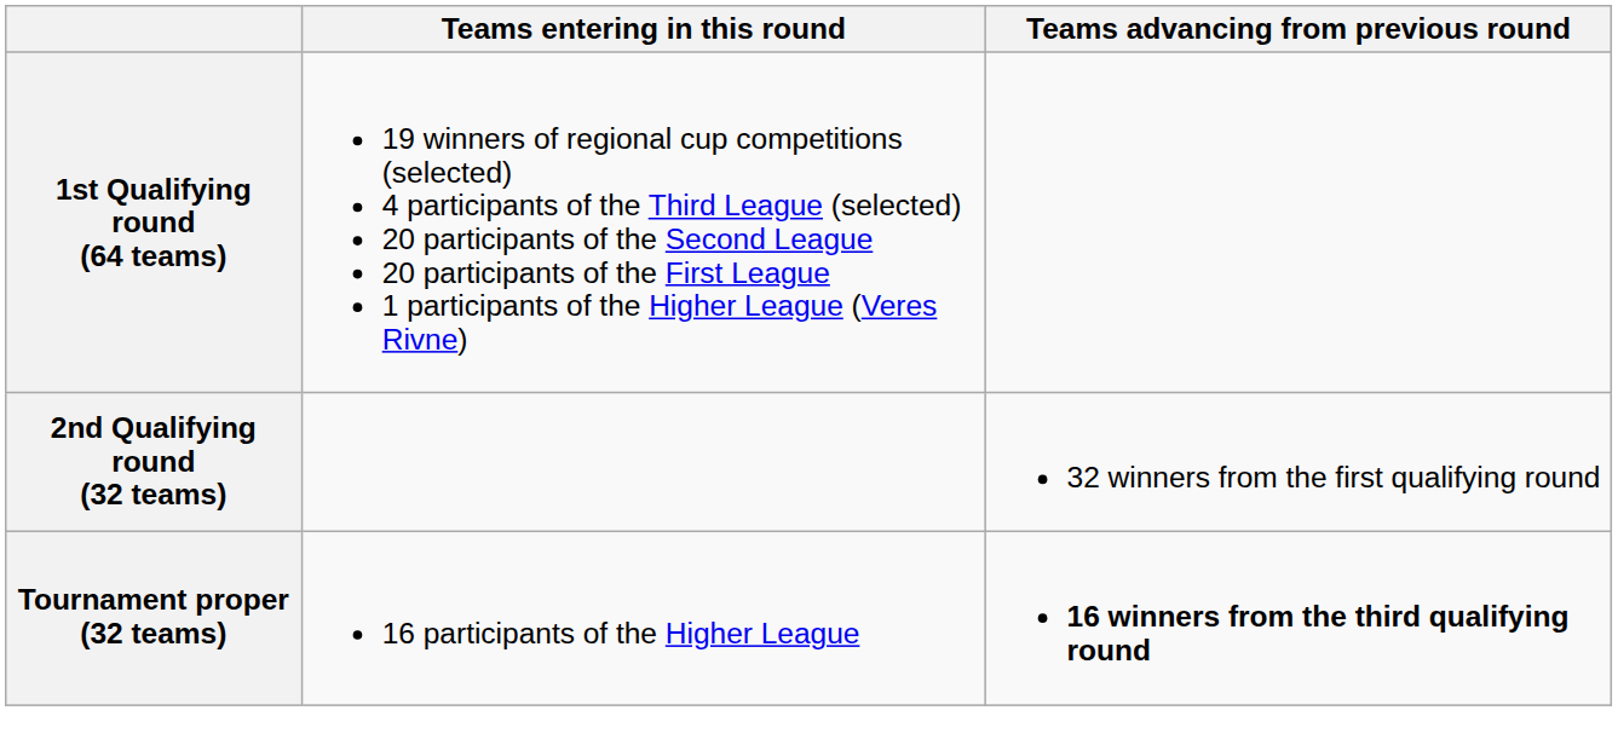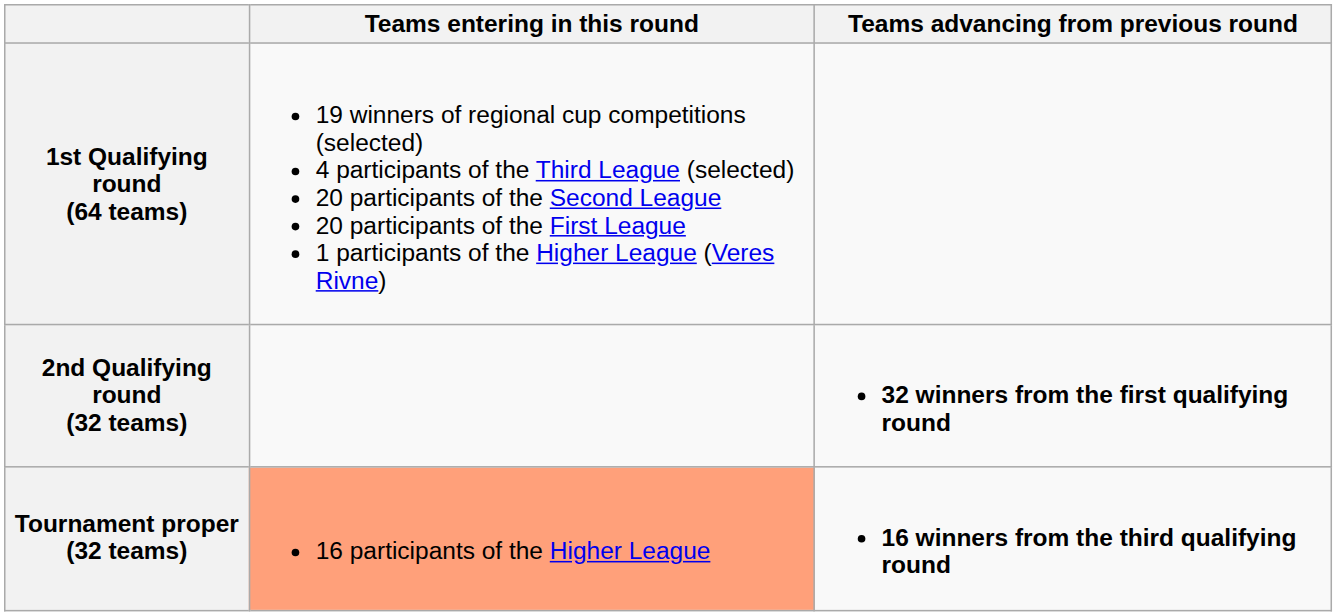 <table class="wikitable">
 <tr>
 <th colspan=2></th>
 <th>Teams entering in this round</th>
 <th>Teams advancing from previous round</th>
 </tr>
 <tr>
 <th colspan=2>1st Qualifying round<br> (64 teams)</th>
 <td><br><ul><li>19 winners of regional cup competitions (selected)</li><li>4 participants of the <a href='#'>Third League</a> (selected)</li><li>20 participants of the <a href='#'>Second League</a></li><li>20 participants of the <a href='#'>First League</a></li><li>1 participants of the <a href='#'>Higher League</a> (<a href='#'>Veres Rivne</a>)</li></ul></td>
 <td></td>
 </tr>
 <tr>
 <th colspan=2>2nd Qualifying round<br> (32 teams)</th>
 <td></td>
-<td><br><ul><li>32 winners from the first qualifying round</li></ul></td>
+<td><strong><br><ul><li>32 winners from the first qualifying round</li></ul></strong></td>
 </tr>
 <tr>
 <th colspan=2>Tournament proper<br> (32 teams)</th>
-<td><br><ul><li>16 participants of the <a href='#'>Higher League</a></li></ul></td>
+<td style="background: lightsalmon;"><br><ul><li>16 participants of the <a href='#'>Higher League</a></li></ul></td>
 <td><strong><br><ul><li>16 winners from the third qualifying round</li></ul></strong></td>
 </tr>
 </table>
